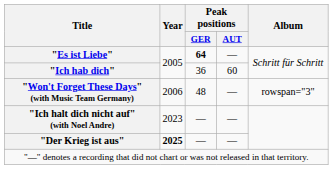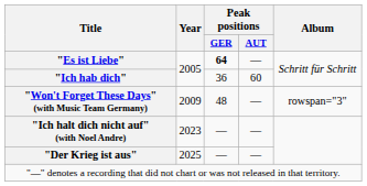 <table class="wikitable plainrowheaders" style="text-align:center;">
 <tr>
 <th align="center" rowspan="2" style="width:15em;">Title</th>
 <th align="center" rowspan="2" width="10">Year</th>
 <th align="center" colspan="2">Peak positions</th>
 <th align="center" rowspan="2" width="120">Album</th>
 </tr>
 <tr>
 <th scope="col" style="width:3em;font-size:90%;"><a href='#'>GER</a><br></th>
 <th scope="col" style="width:3em;font-size:90%;"><a href='#'>AUT</a><br></th>
 </tr>
 <tr>
 <th scope="row">"<a href='#'>Es ist Liebe</a>"</th>
 <td rowspan="2">2005</td>
 <td><strong>64</strong></td>
 <td>—</td>
 <td rowspan="2"><em>Schritt für Schritt</em></td>
 </tr>
 <tr>
 <th scope="row">"<a href='#'>Ich hab dich</a>"</th>
 <td>36</td>
 <td>60</td>
 </tr>
 <tr>
 <th scope="row">"<a href='#'>Won't Forget These Days</a>" <br> <small>(with Music Team Germany)</small></th>
-<td>2006</td>
+<td>2009</td>
 <td>48</td>
 <td>—</td>
 <td>rowspan="3" </td>
 </tr>
 <tr>
 <th scope="row">"Ich halt dich nicht auf" <br> <small>(with Noel Andre)</small></th>
 <td>2023</td>
 <td>—</td>
 <td>—</td>
 </tr>
 <tr>
 <th scope="row">"Der Krieg ist aus"</th>
-<td><strong>2025</strong></td>
+<td>2025</td>
 <td>—</td>
 <td>—</td>
 </tr>
 <tr>
 <td colspan="10" style="font-size:90%">"—" denotes a recording that did not chart or was not released in that territory.</td>
 </tr>
 </table>
